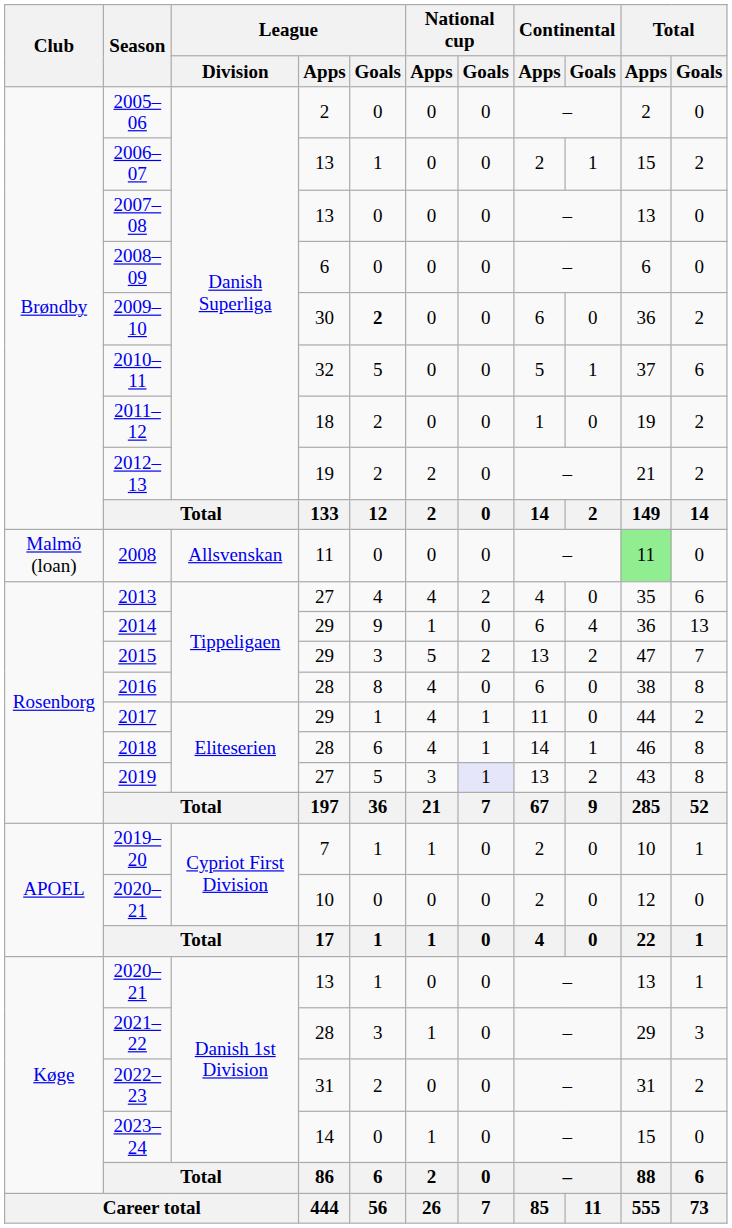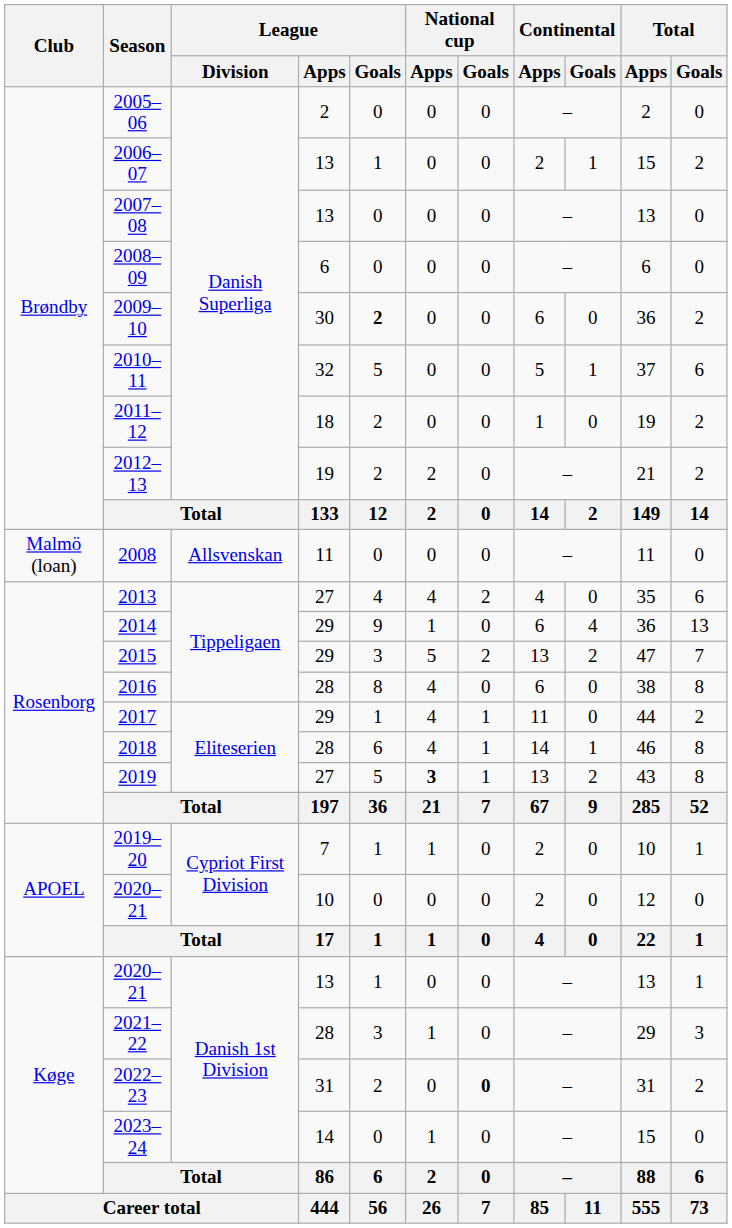 <table class="wikitable" style="text-align: center">
 <tr>
 <th rowspan="2">Club</th>
 <th rowspan="2">Season</th>
 <th colspan="3">League</th>
 <th colspan="2">National cup</th>
 <th colspan="2">Continental</th>
 <th colspan="2">Total</th>
 </tr>
 <tr>
 <th>Division</th>
 <th>Apps</th>
 <th>Goals</th>
 <th>Apps</th>
 <th>Goals</th>
 <th>Apps</th>
 <th>Goals</th>
 <th>Apps</th>
 <th>Goals</th>
 </tr>
 <tr>
 <td rowspan="9"><a href='#'>Brøndby</a></td>
 <td><a href='#'>2005–06</a></td>
 <td rowspan="8"><a href='#'>Danish Superliga</a></td>
 <td>2</td>
 <td>0</td>
 <td>0</td>
 <td>0</td>
 <td colspan="2">–</td>
 <td>2</td>
 <td>0</td>
 </tr>
 <tr>
 <td><a href='#'>2006–07</a></td>
 <td>13</td>
 <td>1</td>
 <td>0</td>
 <td>0</td>
 <td>2</td>
 <td>1</td>
 <td>15</td>
 <td>2</td>
 </tr>
 <tr>
 <td><a href='#'>2007–08</a></td>
 <td>13</td>
 <td>0</td>
 <td>0</td>
 <td>0</td>
 <td colspan="2">–</td>
 <td>13</td>
 <td>0</td>
 </tr>
 <tr>
 <td><a href='#'>2008–09</a></td>
 <td>6</td>
 <td>0</td>
 <td>0</td>
 <td>0</td>
 <td colspan="2">–</td>
 <td>6</td>
 <td>0</td>
 </tr>
 <tr>
 <td><a href='#'>2009–10</a></td>
 <td>30</td>
 <td><strong>2</strong></td>
 <td>0</td>
 <td>0</td>
 <td>6</td>
 <td>0</td>
 <td>36</td>
 <td>2</td>
 </tr>
 <tr>
 <td><a href='#'>2010–11</a></td>
 <td>32</td>
 <td>5</td>
 <td>0</td>
 <td>0</td>
 <td>5</td>
 <td>1</td>
 <td>37</td>
 <td>6</td>
 </tr>
 <tr>
 <td><a href='#'>2011–12</a></td>
 <td>18</td>
 <td>2</td>
 <td>0</td>
 <td>0</td>
 <td>1</td>
 <td>0</td>
 <td>19</td>
 <td>2</td>
 </tr>
 <tr>
 <td><a href='#'>2012–13</a></td>
 <td>19</td>
 <td>2</td>
 <td>2</td>
 <td>0</td>
 <td colspan="2">–</td>
 <td>21</td>
 <td>2</td>
 </tr>
 <tr>
 <th colspan="2">Total</th>
 <th>133</th>
 <th>12</th>
 <th>2</th>
 <th>0</th>
 <th>14</th>
 <th>2</th>
 <th>149</th>
 <th>14</th>
 </tr>
 <tr>
 <td><a href='#'>Malmö</a> (loan)</td>
 <td><a href='#'>2008</a></td>
 <td><a href='#'>Allsvenskan</a></td>
 <td>11</td>
 <td>0</td>
 <td>0</td>
 <td>0</td>
 <td colspan="2">–</td>
-<td style="background: lightgreen;">11</td>
+<td>11</td>
 <td>0</td>
 </tr>
 <tr>
 <td rowspan="8"><a href='#'>Rosenborg</a></td>
 <td><a href='#'>2013</a></td>
 <td rowspan="4"><a href='#'>Tippeligaen</a></td>
 <td>27</td>
 <td>4</td>
 <td>4</td>
 <td>2</td>
 <td>4</td>
 <td>0</td>
 <td>35</td>
 <td>6</td>
 </tr>
 <tr>
 <td><a href='#'>2014</a></td>
 <td>29</td>
 <td>9</td>
 <td>1</td>
 <td>0</td>
 <td>6</td>
 <td>4</td>
 <td>36</td>
 <td>13</td>
 </tr>
 <tr>
 <td><a href='#'>2015</a></td>
 <td>29</td>
 <td>3</td>
 <td>5</td>
 <td>2</td>
 <td>13</td>
 <td>2</td>
 <td>47</td>
 <td>7</td>
 </tr>
 <tr>
 <td><a href='#'>2016</a></td>
 <td>28</td>
 <td>8</td>
 <td>4</td>
 <td>0</td>
 <td>6</td>
 <td>0</td>
 <td>38</td>
 <td>8</td>
 </tr>
 <tr>
 <td><a href='#'>2017</a></td>
 <td rowspan="3"><a href='#'>Eliteserien</a></td>
 <td>29</td>
 <td>1</td>
 <td>4</td>
 <td>1</td>
 <td>11</td>
 <td>0</td>
 <td>44</td>
 <td>2</td>
 </tr>
 <tr>
 <td><a href='#'>2018</a></td>
 <td>28</td>
 <td>6</td>
 <td>4</td>
 <td>1</td>
 <td>14</td>
 <td>1</td>
 <td>46</td>
 <td>8</td>
 </tr>
 <tr>
 <td><a href='#'>2019</a></td>
 <td>27</td>
 <td>5</td>
-<td>3</td>
-<td style="background: lavender;">1</td>
+<td><strong>3</strong></td>
+<td>1</td>
 <td>13</td>
 <td>2</td>
 <td>43</td>
 <td>8</td>
 </tr>
 <tr>
 <th colspan="2">Total</th>
 <th>197</th>
 <th>36</th>
 <th>21</th>
 <th>7</th>
 <th>67</th>
 <th>9</th>
 <th>285</th>
 <th>52</th>
 </tr>
 <tr>
 <td rowspan="3"><a href='#'>APOEL</a></td>
 <td><a href='#'>2019–20</a></td>
 <td rowspan="2"><a href='#'>Cypriot First Division</a></td>
 <td>7</td>
 <td>1</td>
 <td>1</td>
 <td>0</td>
 <td>2</td>
 <td>0</td>
 <td>10</td>
 <td>1</td>
 </tr>
 <tr>
 <td><a href='#'>2020–21</a></td>
 <td>10</td>
 <td>0</td>
 <td>0</td>
 <td>0</td>
 <td>2</td>
 <td>0</td>
 <td>12</td>
 <td>0</td>
 </tr>
 <tr>
 <th colspan="2">Total</th>
 <th>17</th>
 <th>1</th>
 <th>1</th>
 <th>0</th>
 <th>4</th>
 <th>0</th>
 <th>22</th>
 <th>1</th>
 </tr>
 <tr>
 <td rowspan="5"><a href='#'>Køge</a></td>
 <td><a href='#'>2020–21</a></td>
 <td rowspan="4"><a href='#'>Danish 1st Division</a></td>
 <td>13</td>
 <td>1</td>
 <td>0</td>
 <td>0</td>
 <td colspan="2">–</td>
 <td>13</td>
 <td>1</td>
 </tr>
 <tr>
 <td><a href='#'>2021–22</a></td>
 <td>28</td>
 <td>3</td>
 <td>1</td>
 <td>0</td>
 <td colspan="2">–</td>
 <td>29</td>
 <td>3</td>
 </tr>
 <tr>
 <td><a href='#'>2022–23</a></td>
 <td>31</td>
 <td>2</td>
 <td>0</td>
-<td>0</td>
+<td><strong>0</strong></td>
 <td colspan="2">–</td>
 <td>31</td>
 <td>2</td>
 </tr>
 <tr>
 <td><a href='#'>2023–24</a></td>
 <td>14</td>
 <td>0</td>
 <td>1</td>
 <td>0</td>
 <td colspan="2">–</td>
 <td>15</td>
 <td>0</td>
 </tr>
 <tr>
 <th colspan="2">Total</th>
 <th>86</th>
 <th>6</th>
 <th>2</th>
 <th>0</th>
 <th colspan="2">–</th>
 <th>88</th>
 <th>6</th>
 </tr>
 <tr>
 <th colspan="3">Career total</th>
 <th>444</th>
 <th>56</th>
 <th>26</th>
 <th>7</th>
 <th>85</th>
 <th>11</th>
 <th>555</th>
 <th>73</th>
 </tr>
 </table>
